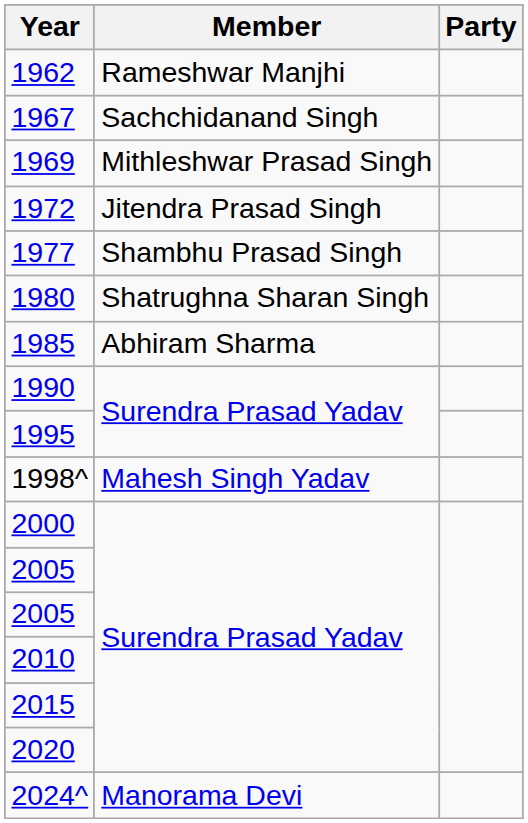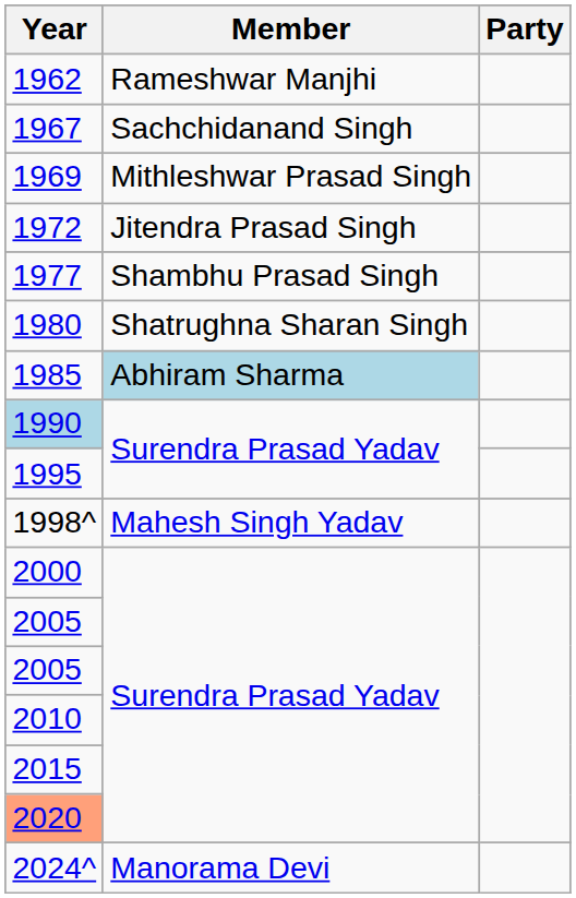 <table class="wikitable sortable">
 <tr>
 <th>Year</th>
 <th>Member</th>
 <th colspan="2">Party</th>
 </tr>
 <tr>
 <td><a href='#'>1962</a></td>
 <td>Rameshwar Manjhi</td>
 <td></td>
 </tr>
 <tr>
 <td><a href='#'>1967</a></td>
 <td>Sachchidanand Singh</td>
 <td></td>
 </tr>
 <tr>
 <td><a href='#'>1969</a></td>
 <td>Mithleshwar Prasad Singh</td>
 <td></td>
 </tr>
 <tr>
 <td><a href='#'>1972</a></td>
 <td>Jitendra Prasad Singh</td>
 <td></td>
 </tr>
 <tr>
 <td><a href='#'>1977</a></td>
 <td>Shambhu Prasad Singh</td>
 <td></td>
 </tr>
 <tr>
 <td><a href='#'>1980</a></td>
 <td>Shatrughna Sharan Singh</td>
 <td></td>
 </tr>
 <tr>
 <td><a href='#'>1985</a></td>
-<td>Abhiram Sharma</td>
+<td style="background: lightblue;">Abhiram Sharma</td>
 <td></td>
 </tr>
 <tr>
-<td><a href='#'>1990</a></td>
+<td style="background: lightblue;"><a href='#'>1990</a></td>
 <td rowspan="2"><a href='#'>Surendra Prasad Yadav</a></td>
 <td></td>
 </tr>
 <tr>
 <td><a href='#'>1995</a></td>
 </tr>
 <tr>
 <td>1998^</td>
 <td><a href='#'>Mahesh Singh Yadav</a></td>
 <td></td>
 </tr>
 <tr>
 <td><a href='#'>2000</a></td>
 <td rowspan="6"><a href='#'>Surendra Prasad Yadav</a></td>
 </tr>
 <tr>
 <td><a href='#'>2005</a></td>
 </tr>
 <tr>
 <td><a href='#'>2005</a></td>
 </tr>
 <tr>
 <td><a href='#'>2010</a></td>
 </tr>
 <tr>
 <td><a href='#'>2015</a></td>
 </tr>
 <tr>
-<td><a href='#'>2020</a></td>
+<td style="background: lightsalmon;"><a href='#'>2020</a></td>
 </tr>
 <tr>
 <td><a href='#'>2024^</a></td>
 <td><a href='#'>Manorama Devi</a></td>
 <td></td>
 </tr>
 </table>
